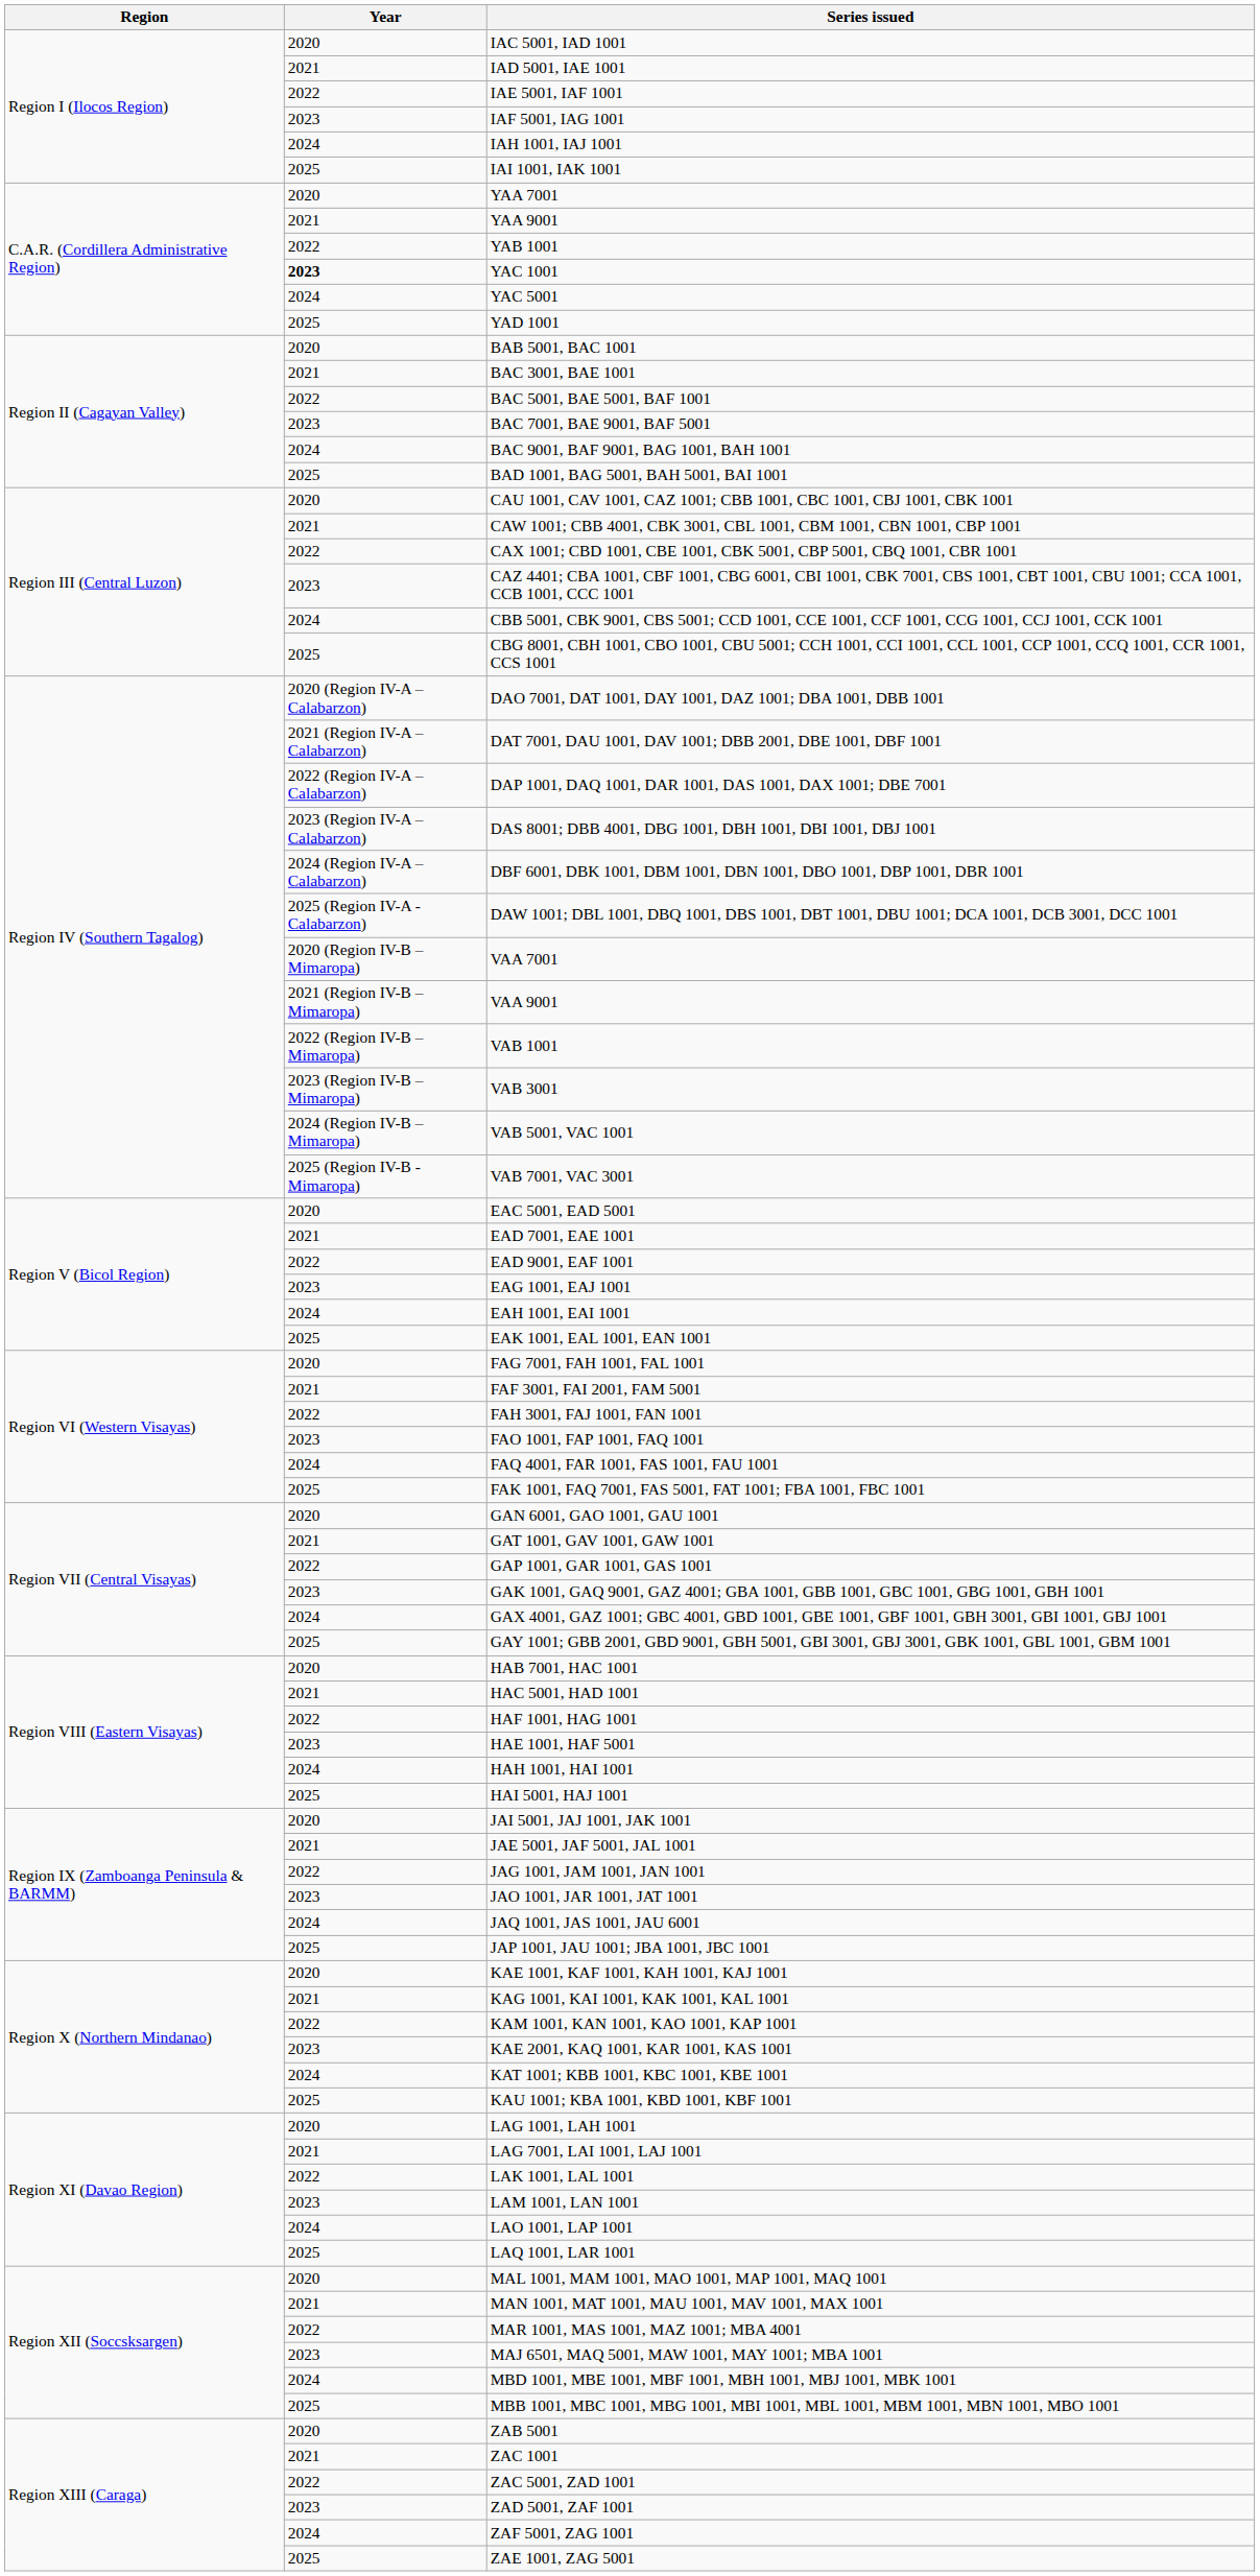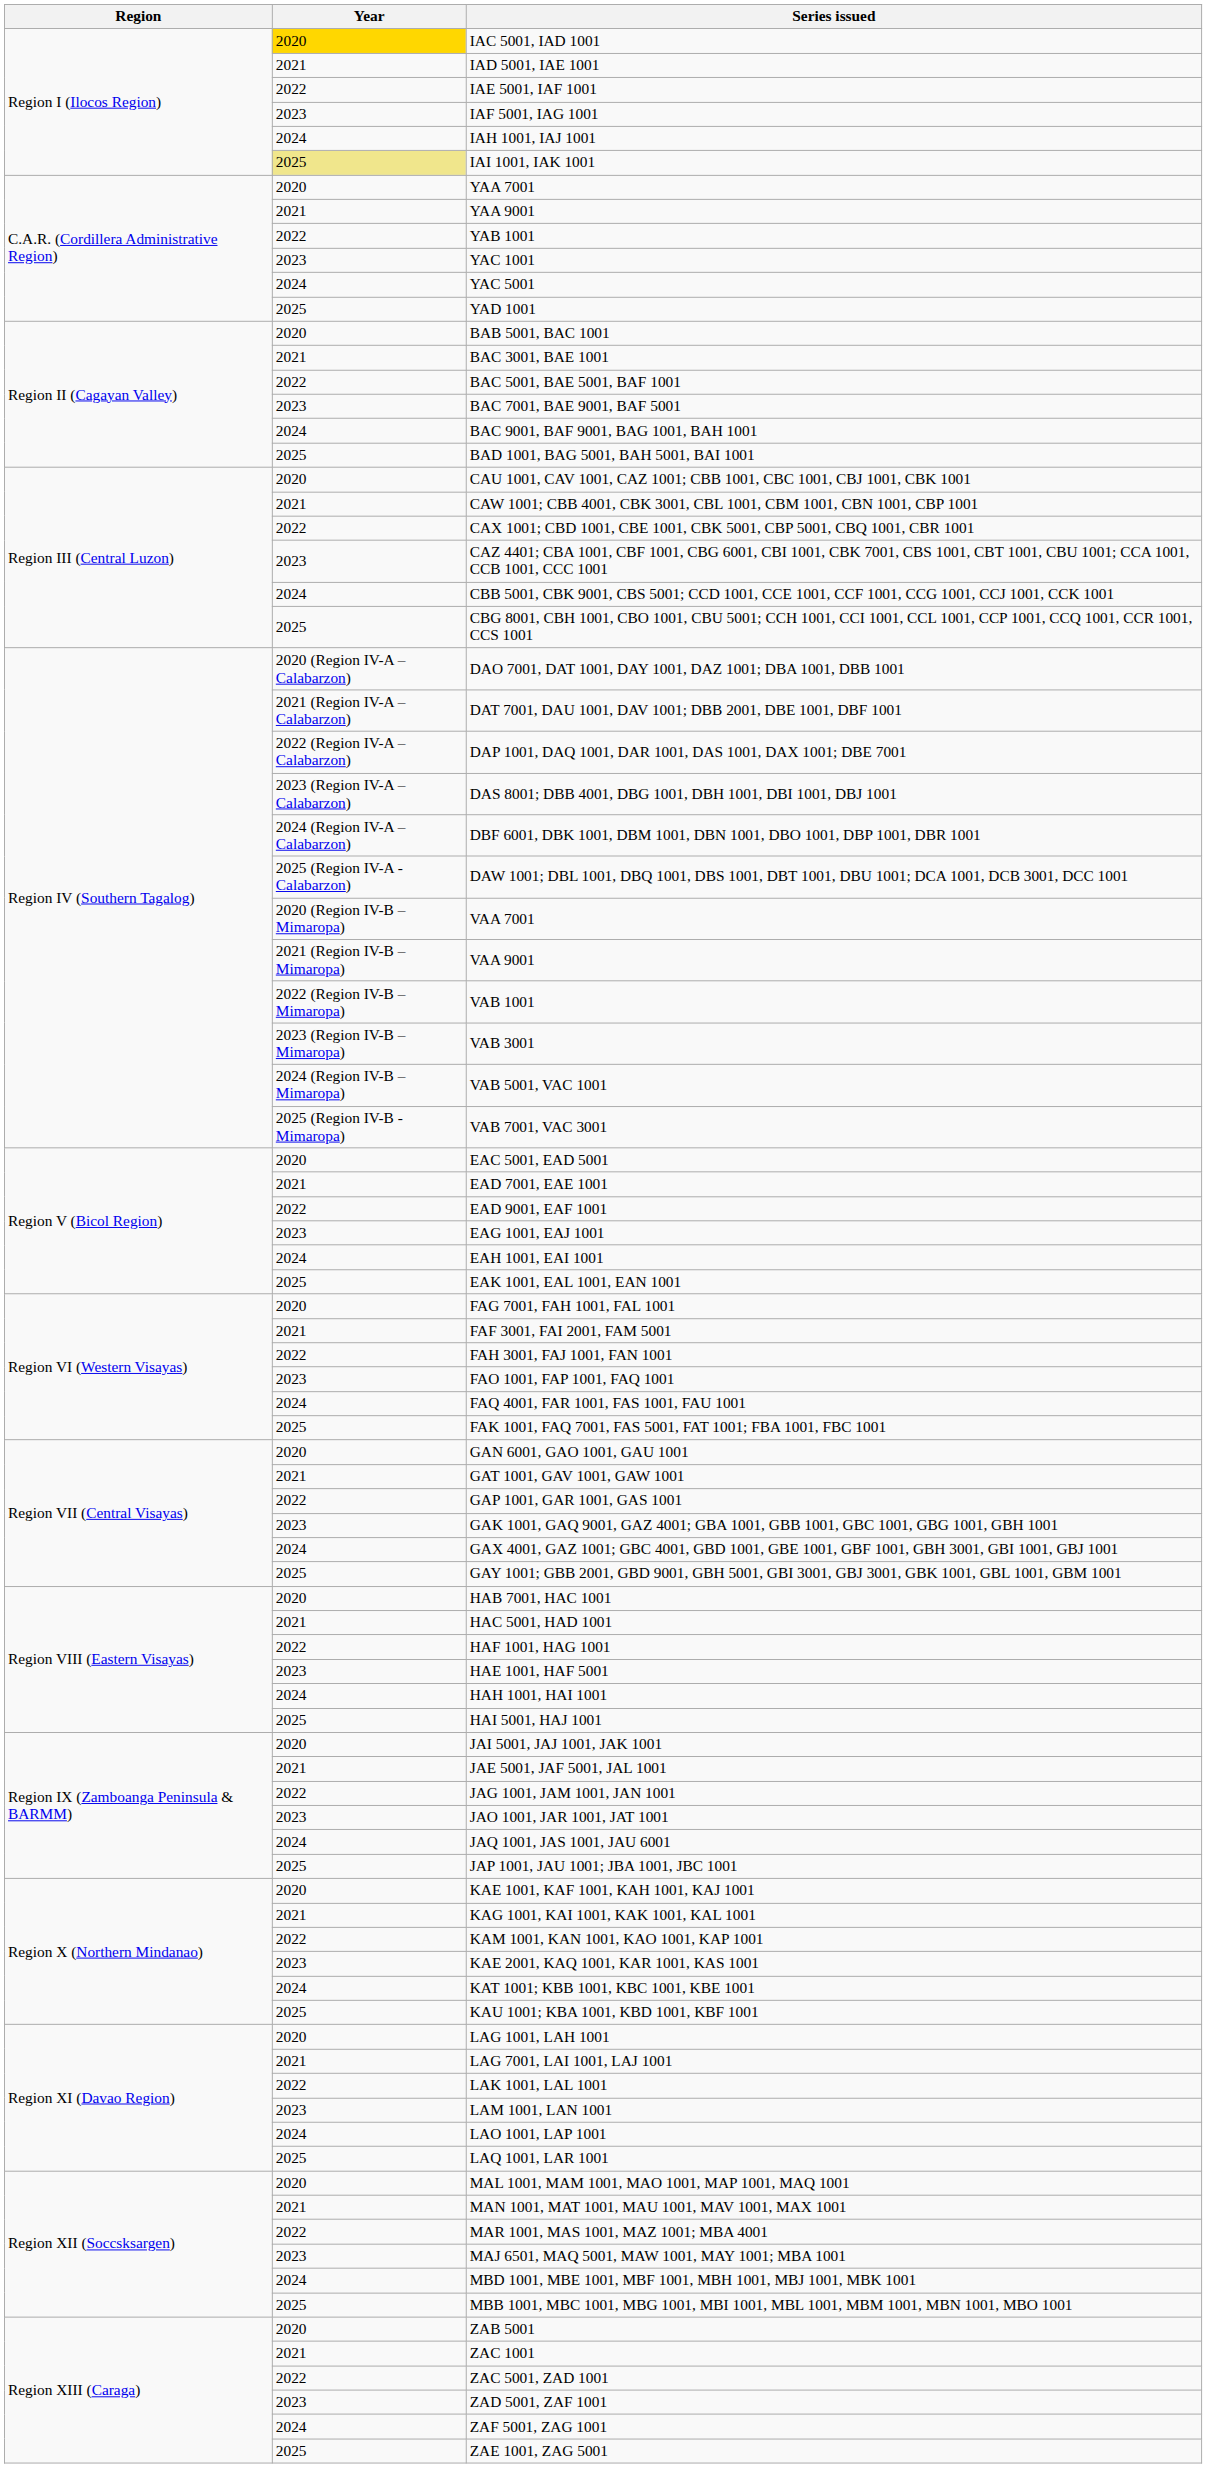 <table class="wikitable">
 <tr>
 <th>Region</th>
 <th>Year</th>
 <th>Series issued</th>
 </tr>
 <tr>
 <td rowspan="6">Region I (<a href='#'>Ilocos Region</a>)</td>
-<td>2020</td>
+<td style="background: gold;">2020</td>
 <td>IAC 5001, IAD 1001</td>
 </tr>
 <tr>
 <td>2021</td>
 <td>IAD 5001, IAE 1001</td>
 </tr>
 <tr>
 <td>2022</td>
 <td>IAE 5001, IAF 1001</td>
 </tr>
 <tr>
 <td>2023</td>
 <td>IAF 5001, IAG 1001</td>
 </tr>
 <tr>
 <td>2024</td>
 <td>IAH 1001, IAJ 1001</td>
 </tr>
 <tr>
-<td>2025</td>
+<td style="background: khaki;">2025</td>
 <td>IAI 1001, IAK 1001</td>
 </tr>
 <tr>
 <td rowspan="6">C.A.R. (<a href='#'>Cordillera Administrative Region</a>)</td>
 <td>2020</td>
 <td>YAA 7001</td>
 </tr>
 <tr>
 <td>2021</td>
 <td>YAA 9001</td>
 </tr>
 <tr>
 <td>2022</td>
 <td>YAB 1001</td>
 </tr>
 <tr>
-<td><strong>2023</strong></td>
+<td>2023</td>
 <td>YAC 1001</td>
 </tr>
 <tr>
 <td>2024</td>
 <td>YAC 5001</td>
 </tr>
 <tr>
 <td>2025</td>
 <td>YAD 1001</td>
 </tr>
 <tr>
 <td rowspan="6">Region II (<a href='#'>Cagayan Valley</a>)</td>
 <td>2020</td>
 <td>BAB 5001, BAC 1001</td>
 </tr>
 <tr>
 <td>2021</td>
 <td>BAC 3001, BAE 1001</td>
 </tr>
 <tr>
 <td>2022</td>
 <td>BAC 5001, BAE 5001, BAF 1001</td>
 </tr>
 <tr>
 <td>2023</td>
 <td>BAC 7001, BAE 9001, BAF 5001</td>
 </tr>
 <tr>
 <td>2024</td>
 <td>BAC 9001, BAF 9001, BAG 1001, BAH 1001</td>
 </tr>
 <tr>
 <td>2025</td>
 <td>BAD 1001, BAG 5001, BAH 5001, BAI 1001</td>
 </tr>
 <tr>
 <td rowspan="6">Region III (<a href='#'>Central Luzon</a>)</td>
 <td>2020</td>
 <td>CAU 1001, CAV 1001, CAZ 1001; CBB 1001, CBC 1001, CBJ 1001, CBK 1001</td>
 </tr>
 <tr>
 <td>2021</td>
 <td>CAW 1001; CBB 4001, CBK 3001, CBL 1001, CBM 1001, CBN 1001, CBP 1001</td>
 </tr>
 <tr>
 <td>2022</td>
 <td>CAX 1001; CBD 1001, CBE 1001, CBK 5001, CBP 5001, CBQ 1001, CBR 1001</td>
 </tr>
 <tr>
 <td>2023</td>
 <td>CAZ 4401; CBA 1001, CBF 1001, CBG 6001, CBI 1001, CBK 7001, CBS 1001, CBT 1001, CBU 1001; CCA 1001, CCB 1001, CCC 1001</td>
 </tr>
 <tr>
 <td>2024</td>
 <td>CBB 5001, CBK 9001, CBS 5001; CCD 1001, CCE 1001, CCF 1001, CCG 1001, CCJ 1001, CCK 1001</td>
 </tr>
 <tr>
 <td>2025</td>
 <td>CBG 8001, CBH 1001, CBO 1001, CBU 5001; CCH 1001, CCI 1001, CCL 1001, CCP 1001, CCQ 1001, CCR 1001, CCS 1001</td>
 </tr>
 <tr>
 <td rowspan="12">Region IV (<a href='#'>Southern Tagalog</a>)</td>
 <td>2020 (Region IV-A – <a href='#'>Calabarzon</a>)</td>
 <td>DAO 7001, DAT 1001, DAY 1001, DAZ 1001; DBA 1001, DBB 1001</td>
 </tr>
 <tr>
 <td>2021 (Region IV-A – <a href='#'>Calabarzon</a>)</td>
 <td>DAT 7001, DAU 1001, DAV 1001; DBB 2001, DBE 1001, DBF 1001</td>
 </tr>
 <tr>
 <td>2022 (Region IV-A – <a href='#'>Calabarzon</a>)</td>
 <td>DAP 1001, DAQ 1001, DAR 1001, DAS 1001, DAX 1001; DBE 7001</td>
 </tr>
 <tr>
 <td>2023 (Region IV-A – <a href='#'>Calabarzon</a>)</td>
 <td>DAS 8001; DBB 4001, DBG 1001, DBH 1001, DBI 1001, DBJ 1001</td>
 </tr>
 <tr>
 <td>2024 (Region IV-A – <a href='#'>Calabarzon</a>)</td>
 <td>DBF 6001, DBK 1001, DBM 1001, DBN 1001, DBO 1001, DBP 1001, DBR 1001</td>
 </tr>
 <tr>
 <td>2025 (Region IV-A - <a href='#'>Calabarzon</a>)</td>
 <td>DAW 1001; DBL 1001, DBQ 1001, DBS 1001, DBT 1001, DBU 1001; DCA 1001, DCB 3001, DCC 1001</td>
 </tr>
 <tr>
 <td>2020 (Region IV-B – <a href='#'>Mimaropa</a>)</td>
 <td>VAA 7001</td>
 </tr>
 <tr>
 <td>2021 (Region IV-B – <a href='#'>Mimaropa</a>)</td>
 <td>VAA 9001</td>
 </tr>
 <tr>
 <td>2022 (Region IV-B – <a href='#'>Mimaropa</a>)</td>
 <td>VAB 1001</td>
 </tr>
 <tr>
 <td>2023 (Region IV-B – <a href='#'>Mimaropa</a>)</td>
 <td>VAB 3001</td>
 </tr>
 <tr>
 <td>2024 (Region IV-B – <a href='#'>Mimaropa</a>)</td>
 <td>VAB 5001, VAC 1001</td>
 </tr>
 <tr>
 <td>2025 (Region IV-B - <a href='#'>Mimaropa</a>)</td>
 <td>VAB 7001, VAC 3001</td>
 </tr>
 <tr>
 <td rowspan="6">Region V (<a href='#'>Bicol Region</a>)</td>
 <td>2020</td>
 <td>EAC 5001, EAD 5001</td>
 </tr>
 <tr>
 <td>2021</td>
 <td>EAD 7001, EAE 1001</td>
 </tr>
 <tr>
 <td>2022</td>
 <td>EAD 9001, EAF 1001</td>
 </tr>
 <tr>
 <td>2023</td>
 <td>EAG 1001, EAJ 1001</td>
 </tr>
 <tr>
 <td>2024</td>
 <td>EAH 1001, EAI 1001</td>
 </tr>
 <tr>
 <td>2025</td>
 <td>EAK 1001, EAL 1001, EAN 1001</td>
 </tr>
 <tr>
 <td rowspan="6">Region VI (<a href='#'>Western Visayas</a>)</td>
 <td>2020</td>
 <td>FAG 7001, FAH 1001, FAL 1001</td>
 </tr>
 <tr>
 <td>2021</td>
 <td>FAF 3001, FAI 2001, FAM 5001</td>
 </tr>
 <tr>
 <td>2022</td>
 <td>FAH 3001, FAJ 1001, FAN 1001</td>
 </tr>
 <tr>
 <td>2023</td>
 <td>FAO 1001, FAP 1001, FAQ 1001</td>
 </tr>
 <tr>
 <td>2024</td>
 <td>FAQ 4001, FAR 1001, FAS 1001, FAU 1001</td>
 </tr>
 <tr>
 <td>2025</td>
 <td>FAK 1001, FAQ 7001, FAS 5001, FAT 1001; FBA 1001, FBC 1001</td>
 </tr>
 <tr>
 <td rowspan="6">Region VII (<a href='#'>Central Visayas</a>)</td>
 <td>2020</td>
 <td>GAN 6001, GAO 1001, GAU 1001</td>
 </tr>
 <tr>
 <td>2021</td>
 <td>GAT 1001, GAV 1001, GAW 1001</td>
 </tr>
 <tr>
 <td>2022</td>
 <td>GAP 1001, GAR 1001, GAS 1001</td>
 </tr>
 <tr>
 <td>2023</td>
 <td>GAK 1001, GAQ 9001, GAZ 4001; GBA 1001, GBB 1001, GBC 1001, GBG 1001, GBH 1001</td>
 </tr>
 <tr>
 <td>2024</td>
 <td>GAX 4001, GAZ 1001; GBC 4001, GBD 1001, GBE 1001, GBF 1001, GBH 3001, GBI 1001, GBJ 1001</td>
 </tr>
 <tr>
 <td>2025</td>
 <td>GAY 1001; GBB 2001, GBD 9001, GBH 5001, GBI 3001, GBJ 3001, GBK 1001, GBL 1001, GBM 1001</td>
 </tr>
 <tr>
 <td rowspan="6">Region VIII (<a href='#'>Eastern Visayas</a>)</td>
 <td>2020</td>
 <td>HAB 7001, HAC 1001</td>
 </tr>
 <tr>
 <td>2021</td>
 <td>HAC 5001, HAD 1001</td>
 </tr>
 <tr>
 <td>2022</td>
 <td>HAF 1001, HAG 1001</td>
 </tr>
 <tr>
 <td>2023</td>
 <td>HAE 1001, HAF 5001</td>
 </tr>
 <tr>
 <td>2024</td>
 <td>HAH 1001, HAI 1001</td>
 </tr>
 <tr>
 <td>2025</td>
 <td>HAI 5001, HAJ 1001</td>
 </tr>
 <tr>
 <td rowspan="6">Region IX (<a href='#'>Zamboanga Peninsula</a> & <a href='#'>BARMM</a>)</td>
 <td>2020</td>
 <td>JAI 5001, JAJ 1001, JAK 1001</td>
 </tr>
 <tr>
 <td>2021</td>
 <td>JAE 5001, JAF 5001, JAL 1001</td>
 </tr>
 <tr>
 <td>2022</td>
 <td>JAG 1001, JAM 1001, JAN 1001</td>
 </tr>
 <tr>
 <td>2023</td>
 <td>JAO 1001, JAR 1001, JAT 1001</td>
 </tr>
 <tr>
 <td>2024</td>
 <td>JAQ 1001, JAS 1001, JAU 6001</td>
 </tr>
 <tr>
 <td>2025</td>
 <td>JAP 1001, JAU 1001; JBA 1001, JBC 1001</td>
 </tr>
 <tr>
 <td rowspan="6">Region X (<a href='#'>Northern Mindanao</a>)</td>
 <td>2020</td>
 <td>KAE 1001, KAF 1001, KAH 1001, KAJ 1001</td>
 </tr>
 <tr>
 <td>2021</td>
 <td>KAG 1001, KAI 1001, KAK 1001, KAL 1001</td>
 </tr>
 <tr>
 <td>2022</td>
 <td>KAM 1001, KAN 1001, KAO 1001, KAP 1001</td>
 </tr>
 <tr>
 <td>2023</td>
 <td>KAE 2001, KAQ 1001, KAR 1001, KAS 1001</td>
 </tr>
 <tr>
 <td>2024</td>
 <td>KAT 1001; KBB 1001, KBC 1001, KBE 1001</td>
 </tr>
 <tr>
 <td>2025</td>
 <td>KAU 1001; KBA 1001, KBD 1001, KBF 1001</td>
 </tr>
 <tr>
 <td rowspan="6">Region XI (<a href='#'>Davao Region</a>)</td>
 <td>2020</td>
 <td>LAG 1001, LAH 1001</td>
 </tr>
 <tr>
 <td>2021</td>
 <td>LAG 7001, LAI 1001, LAJ 1001</td>
 </tr>
 <tr>
 <td>2022</td>
 <td>LAK 1001, LAL 1001</td>
 </tr>
 <tr>
 <td>2023</td>
 <td>LAM 1001, LAN 1001</td>
 </tr>
 <tr>
 <td>2024</td>
 <td>LAO 1001, LAP 1001</td>
 </tr>
 <tr>
 <td>2025</td>
 <td>LAQ 1001, LAR 1001</td>
 </tr>
 <tr>
 <td rowspan="6">Region XII (<a href='#'>Soccsksargen</a>)</td>
 <td>2020</td>
 <td>MAL 1001, MAM 1001, MAO 1001, MAP 1001, MAQ 1001</td>
 </tr>
 <tr>
 <td>2021</td>
 <td>MAN 1001, MAT 1001, MAU 1001, MAV 1001, MAX 1001</td>
 </tr>
 <tr>
 <td>2022</td>
 <td>MAR 1001, MAS 1001, MAZ 1001; MBA 4001</td>
 </tr>
 <tr>
 <td>2023</td>
 <td>MAJ 6501, MAQ 5001, MAW 1001, MAY 1001; MBA 1001</td>
 </tr>
 <tr>
 <td>2024</td>
 <td>MBD 1001, MBE 1001, MBF 1001, MBH 1001, MBJ 1001, MBK 1001</td>
 </tr>
 <tr>
 <td>2025</td>
 <td>MBB 1001, MBC 1001, MBG 1001, MBI 1001, MBL 1001, MBM 1001, MBN 1001, MBO 1001</td>
 </tr>
 <tr>
 <td rowspan="6">Region XIII (<a href='#'>Caraga</a>)</td>
 <td>2020</td>
 <td>ZAB 5001</td>
 </tr>
 <tr>
 <td>2021</td>
 <td>ZAC 1001</td>
 </tr>
 <tr>
 <td>2022</td>
 <td>ZAC 5001, ZAD 1001</td>
 </tr>
 <tr>
 <td>2023</td>
 <td>ZAD 5001, ZAF 1001</td>
 </tr>
 <tr>
 <td>2024</td>
 <td>ZAF 5001, ZAG 1001</td>
 </tr>
 <tr>
 <td>2025</td>
 <td>ZAE 1001, ZAG 5001</td>
 </tr>
 </table>
